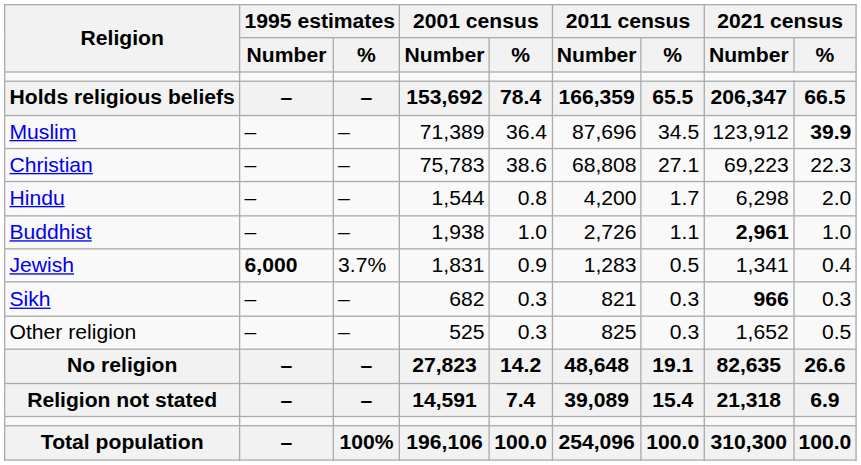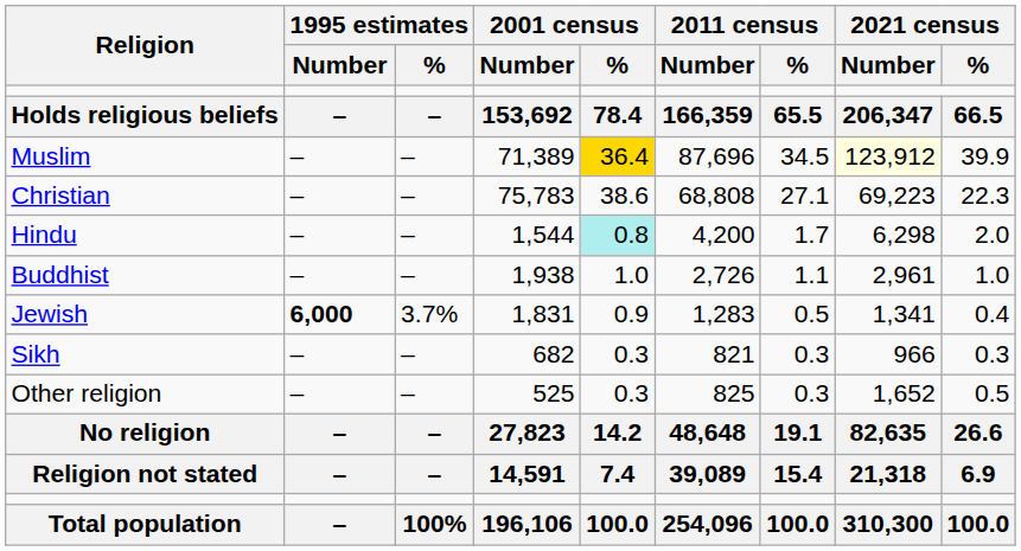 <table class="wikitable sortable mw-collapsible">
 <tr>
 <th rowspan="2">Religion</th>
 <th colspan="2">1995 estimates</th>
 <th colspan="2">2001 census</th>
 <th colspan="2">2011 census</th>
 <th colspan="2">2021 census</th>
 </tr>
 <tr>
 <th>Number</th>
 <th>%</th>
 <th>Number</th>
 <th>%</th>
 <th>Number</th>
 <th>%</th>
 <th>Number</th>
 <th>%</th>
 </tr>
 <tr>
 <td></td>
 <td></td>
 <td></td>
 <td></td>
 <td></td>
 <td></td>
 <td></td>
 </tr>
 <tr>
 <th>Holds religious beliefs</th>
 <th>–</th>
 <th>–</th>
 <th>153,692</th>
 <th>78.4</th>
 <th>166,359</th>
 <th>65.5</th>
 <th>206,347</th>
 <th>66.5</th>
 </tr>
 <tr>
 <td><a href='#'>Muslim</a></td>
 <td>–</td>
 <td>–</td>
 <td align="right">71,389</td>
-<td align="right">36.4</td>
+<td align="right" style="background: gold;">36.4</td>
 <td align="right">87,696</td>
 <td align="right">34.5</td>
-<td align="right">123,912</td>
-<td align="right"><strong>39.9</strong></td>
+<td align="right" style="background: lightyellow;">123,912</td>
+<td align="right">39.9</td>
 </tr>
 <tr>
 <td><a href='#'>Christian</a></td>
 <td>–</td>
 <td>–</td>
 <td align="right">75,783</td>
 <td align="right">38.6</td>
 <td align="right">68,808</td>
 <td align="right">27.1</td>
 <td align="right">69,223</td>
 <td align="right">22.3</td>
 </tr>
 <tr>
 <td><a href='#'>Hindu</a></td>
 <td>–</td>
 <td>–</td>
 <td align="right">1,544</td>
-<td align="right">0.8</td>
+<td align="right" style="background: paleturquoise;">0.8</td>
 <td align="right">4,200</td>
 <td align="right">1.7</td>
 <td align="right">6,298</td>
 <td align="right">2.0</td>
 </tr>
 <tr>
 <td><a href='#'>Buddhist</a></td>
 <td>–</td>
 <td>–</td>
 <td align="right">1,938</td>
 <td align="right">1.0</td>
 <td align="right">2,726</td>
 <td align="right">1.1</td>
-<td align="right"><strong>2,961</strong></td>
+<td align="right">2,961</td>
 <td align="right">1.0</td>
 </tr>
 <tr>
 <td><a href='#'>Jewish</a></td>
 <td><strong>6,000</strong></td>
 <td>3.7%</td>
 <td align="right">1,831</td>
 <td align="right">0.9</td>
 <td align="right">1,283</td>
 <td align="right">0.5</td>
 <td align="right">1,341</td>
 <td align="right">0.4</td>
 </tr>
 <tr>
 <td><a href='#'>Sikh</a></td>
 <td>–</td>
 <td>–</td>
 <td align="right">682</td>
 <td align="right">0.3</td>
 <td align="right">821</td>
 <td align="right">0.3</td>
-<td align="right"><strong>966</strong></td>
+<td align="right">966</td>
 <td align="right">0.3</td>
 </tr>
 <tr>
 <td>Other religion</td>
 <td>–</td>
 <td>–</td>
 <td align="right">525</td>
 <td align="right">0.3</td>
 <td align="right">825</td>
 <td align="right">0.3</td>
 <td align="right">1,652</td>
 <td align="right">0.5</td>
 </tr>
 <tr>
 <th>No religion</th>
 <th>–</th>
 <th>–</th>
 <th align="right">27,823</th>
 <th align="right">14.2</th>
 <th align="right">48,648</th>
 <th align="right">19.1</th>
 <th align="right">82,635</th>
 <th align="right">26.6</th>
 </tr>
 <tr>
 <th>Religion not stated</th>
 <th>–</th>
 <th>–</th>
 <th align="right">14,591</th>
 <th align="right">7.4</th>
 <th align="right">39,089</th>
 <th align="right">15.4</th>
 <th align="right">21,318</th>
 <th align="right">6.9</th>
 </tr>
 <tr>
 <td></td>
 <td></td>
 <td></td>
 <td></td>
 <td></td>
 <td></td>
 <td></td>
 <td></td>
 </tr>
 <tr>
 <th>Total population</th>
 <th>–</th>
 <th>100%</th>
 <th align="right">196,106</th>
 <th align="right">100.0</th>
 <th align="right">254,096</th>
 <th align="right">100.0</th>
 <th align="right">310,300</th>
 <th align="right">100.0</th>
 </tr>
 </table>
